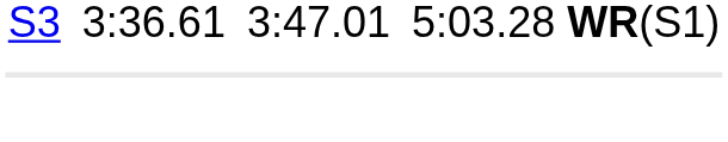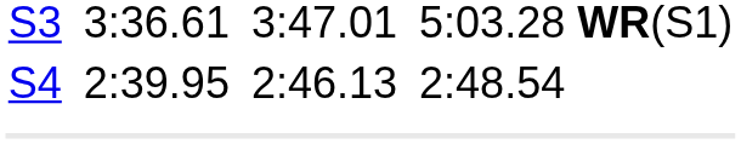 <table>
 <tr>
 <td><a href='#'>S3</a></td>
 <td></td>
 <td>3:36.61</td>
 <td></td>
 <td>3:47.01</td>
 <td></td>
 <td>5:03.28 <strong>WR</strong>(S1)</td>
 </tr>
 <tr>
+<td><a href='#'>S4</a></td>
+<td></td>
+<td>2:39.95</td>
+<td></td>
+<td>2:46.13</td>
+<td></td>
+<td>2:48.54</td>
+</tr>
+<tr>
 <td colspan=7></td>
 </tr>
 <tr>
 </tr>
 <tr bgcolor= e8e8e8>
 <td colspan=7></td>
 </tr>
 </table>
